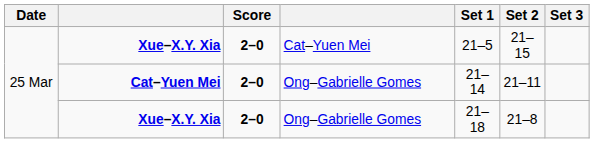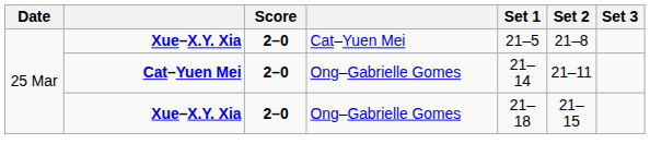 <table class="wikitable" style="text-align: center; font-size:90% ">
 <tr>
 <th width="60">Date</th>
 <th align="right" width="250"></th>
 <th width="60">Score</th>
 <th align="left" width="250"></th>
 <th width="50">Set 1</th>
 <th width="50">Set 2</th>
 <th width="50">Set 3</th>
 </tr>
 <tr>
 <td rowspan=3>25 Mar</td>
 <td align=right><strong><a href='#'>Xue</a>–<a href='#'>X.Y. Xia</a> </strong></td>
 <td align=center><strong>2–0</strong></td>
 <td align=left> <a href='#'>Cat</a>–<a href='#'>Yuen Mei</a></td>
 <td>21–5</td>
-<td>21–15</td>
+<td>21–8</td>
 <td></td>
 </tr>
 <tr>
 <td align=right><strong><a href='#'>Cat</a>–<a href='#'>Yuen Mei</a> </strong></td>
 <td align=center><strong>2–0</strong></td>
 <td align=left> <a href='#'>Ong</a>–<a href='#'>Gabrielle Gomes</a></td>
 <td>21–14</td>
 <td>21–11</td>
 <td></td>
 </tr>
 <tr>
 <td align=right><strong><a href='#'>Xue</a>–<a href='#'>X.Y. Xia</a> </strong></td>
 <td align=center><strong>2–0</strong></td>
 <td align=left> <a href='#'>Ong</a>–<a href='#'>Gabrielle Gomes</a></td>
 <td>21–18</td>
-<td>21–8</td>
+<td>21–15</td>
 <td></td>
 </tr>
 </table>
